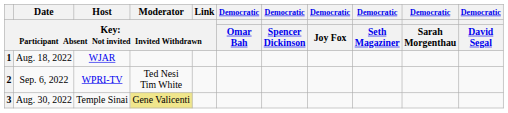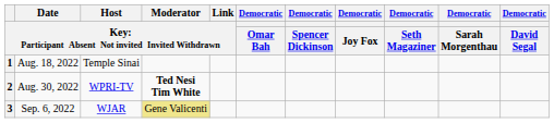 <table class="wikitable" style="text-align:center;">
 <tr>
 <th scope="col"></th>
 <th scope="col">Date</th>
 <th scope="col">Host</th>
 <th scope="col">Moderator</th>
 <th scope="col">Link</th>
 <th scope="col"><small><a href='#'>Democratic</a></small></th>
 <th scope="col"><small><a href='#'>Democratic</a></small></th>
 <th scope="col"><small><a href='#'>Democratic</a></small></th>
 <th scope="col"><small><a href='#'>Democratic</a></small></th>
 <th scope="col"><small><a href='#'>Democratic</a></small></th>
 <th scope="col"><small><a href='#'>Democratic</a></small></th>
 </tr>
 <tr>
 <th colspan="5" rowspan="2">Key:<br> <small>Participant </small>  <small>Absent </small>  <small>Not invited </small>  <small>Invited  Withdrawn</small></th>
 <th scope="col" style="background:"></th>
 <th scope="col" style="background:"></th>
 <th scope="col" style="background:"></th>
 <th scope="col" style="background:"></th>
 <th scope="col" style="background:"></th>
 <th scope="col" style="background:"></th>
 </tr>
 <tr>
 <th scope="col"><a href='#'>Omar Bah</a></th>
 <th scope="col"><a href='#'>Spencer Dickinson</a></th>
 <th scope="col">Joy Fox</th>
 <th scope="col"><a href='#'>Seth Magaziner</a></th>
 <th scope="col">Sarah Morgenthau</th>
 <th scope="col"><a href='#'>David Segal</a></th>
 </tr>
 <tr>
 <th>1</th>
 <td style="white-space:nowrap;">Aug. 18, 2022</td>
-<td style="white-space:nowrap;"><a href='#'>WJAR</a></td>
+<td style="white-space:nowrap;">Temple Sinai</td>
 <td style="white-space:nowrap;"></td>
 <td style="white-space:nowrap;"></td>
 <td></td>
 <td></td>
 <td></td>
 <td></td>
 <td></td>
 <td></td>
 </tr>
 <tr>
 <th>2</th>
-<td style="white-space:nowrap;">Sep. 6, 2022</td>
+<td style="white-space:nowrap;">Aug. 30, 2022</td>
 <td style="white-space:nowrap;"><a href='#'>WPRI-TV</a></td>
-<td style="white-space:nowrap;">Ted Nesi<br>Tim White</td>
+<td style="white-space:nowrap;"><strong>Ted Nesi<br>Tim White</strong></td>
 <td style="white-space:nowrap;"></td>
 <td></td>
 <td></td>
 <td></td>
 <td></td>
 <td></td>
 <td></td>
 </tr>
 <tr>
 <th>3</th>
-<td style="white-space:nowrap;">Aug. 30, 2022</td>
-<td style="white-space:nowrap;">Temple Sinai</td>
+<td style="white-space:nowrap;">Sep. 6, 2022</td>
+<td style="white-space:nowrap;"><a href='#'>WJAR</a></td>
 <td style="background: khaki; white-space:nowrap;">Gene Valicenti</td>
 <td style="white-space:nowrap;"></td>
 <td></td>
 <td></td>
 <td></td>
 <td></td>
 <td></td>
 <td></td>
 </tr>
 </table>
